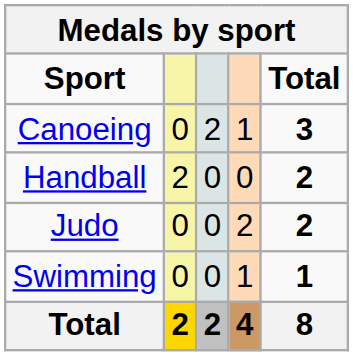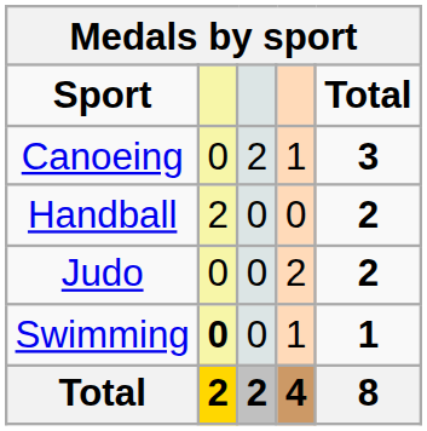 <table class="wikitable" style="font-size:85%; text-align:center;">
 <tr style="background:#efefef;">
 <th colspan=5><strong>Medals by sport</strong></th>
 </tr>
 <tr>
 <td><strong>Sport</strong></td>
 <td style="background:#f7f6a8;"></td>
 <td style="background:#dce5e5;"></td>
 <td style="background:#ffdab9;"></td>
 <td><strong>Total</strong></td>
 </tr>
 <tr>
 <td><a href='#'>Canoeing</a></td>
 <td style="background:#F7F6A8;">0</td>
 <td style="background:#DCE5E5;">2</td>
 <td style="background:#FFDAB9;">1</td>
 <td><strong>3</strong></td>
 </tr>
 <tr>
 <td><a href='#'>Handball</a></td>
 <td style="background:#F7F6A8;">2</td>
 <td style="background:#DCE5E5;">0</td>
 <td style="background:#FFDAB9;">0</td>
 <td><strong>2</strong></td>
 </tr>
 <tr>
 <td><a href='#'>Judo</a></td>
 <td style="background:#F7F6A8;">0</td>
 <td style="background:#DCE5E5;">0</td>
 <td style="background:#FFDAB9;">2</td>
 <td><strong>2</strong></td>
 </tr>
 <tr>
 <td><a href='#'>Swimming</a></td>
-<td style="background:#F7F6A8;">0</td>
+<td style="background:#F7F6A8;"><strong>0</strong></td>
 <td style="background:#DCE5E5;">0</td>
 <td style="background:#FFDAB9;">1</td>
 <td><strong>1</strong></td>
 </tr>
 <tr>
 <th>Total</th>
 <th style="background:gold;"  >2</th>
 <th style="background:silver;">2</th>
 <th style="background:#c96;"  >4</th>
 <th>8</th>
 </tr>
 </table>
